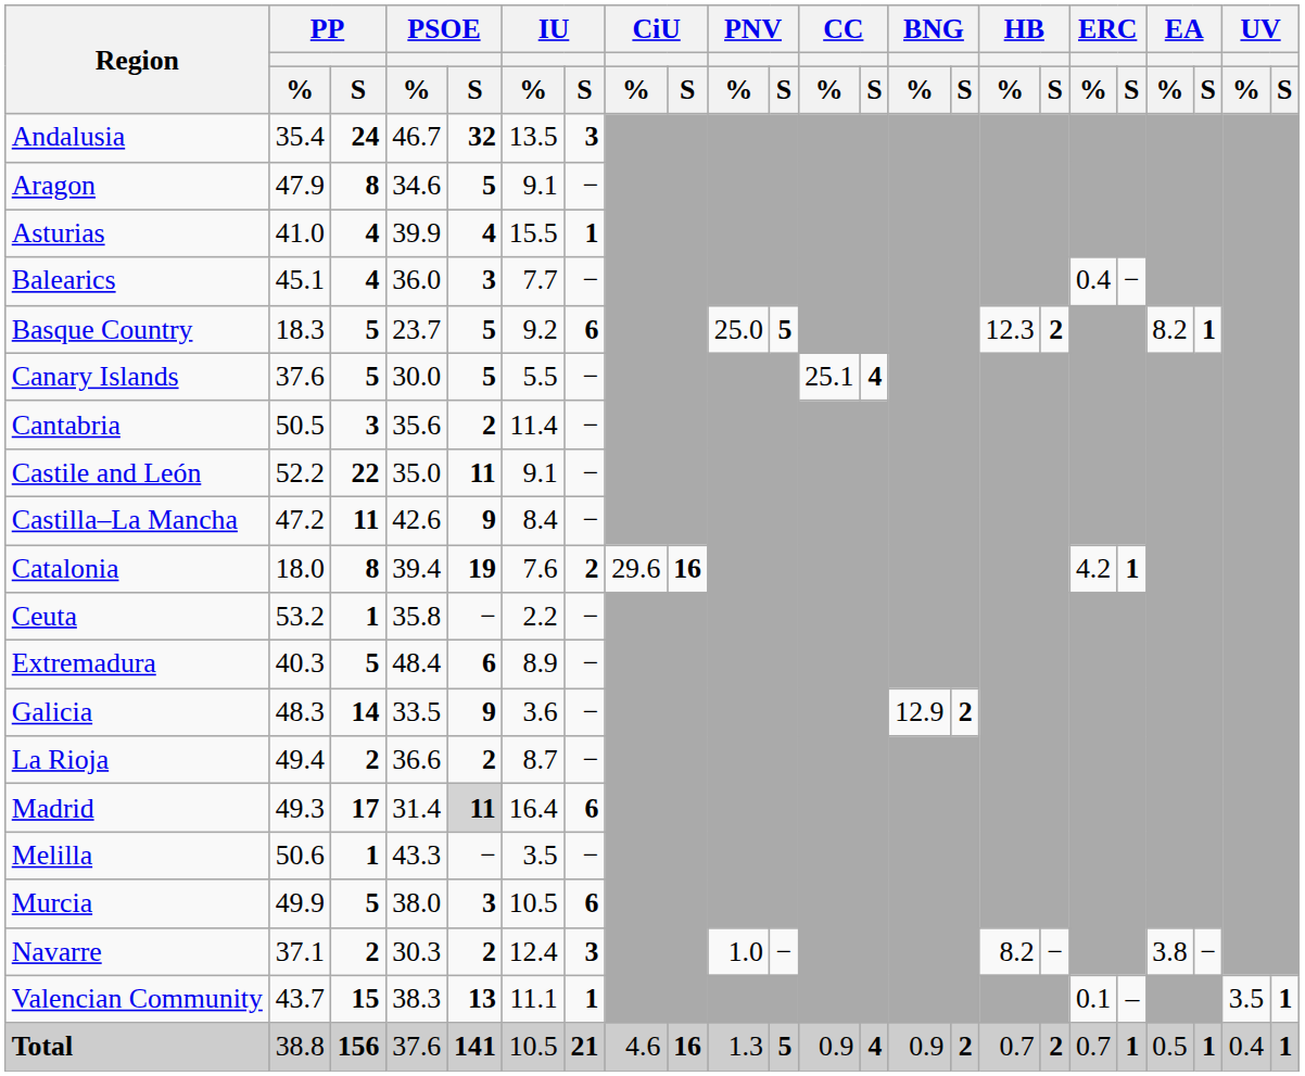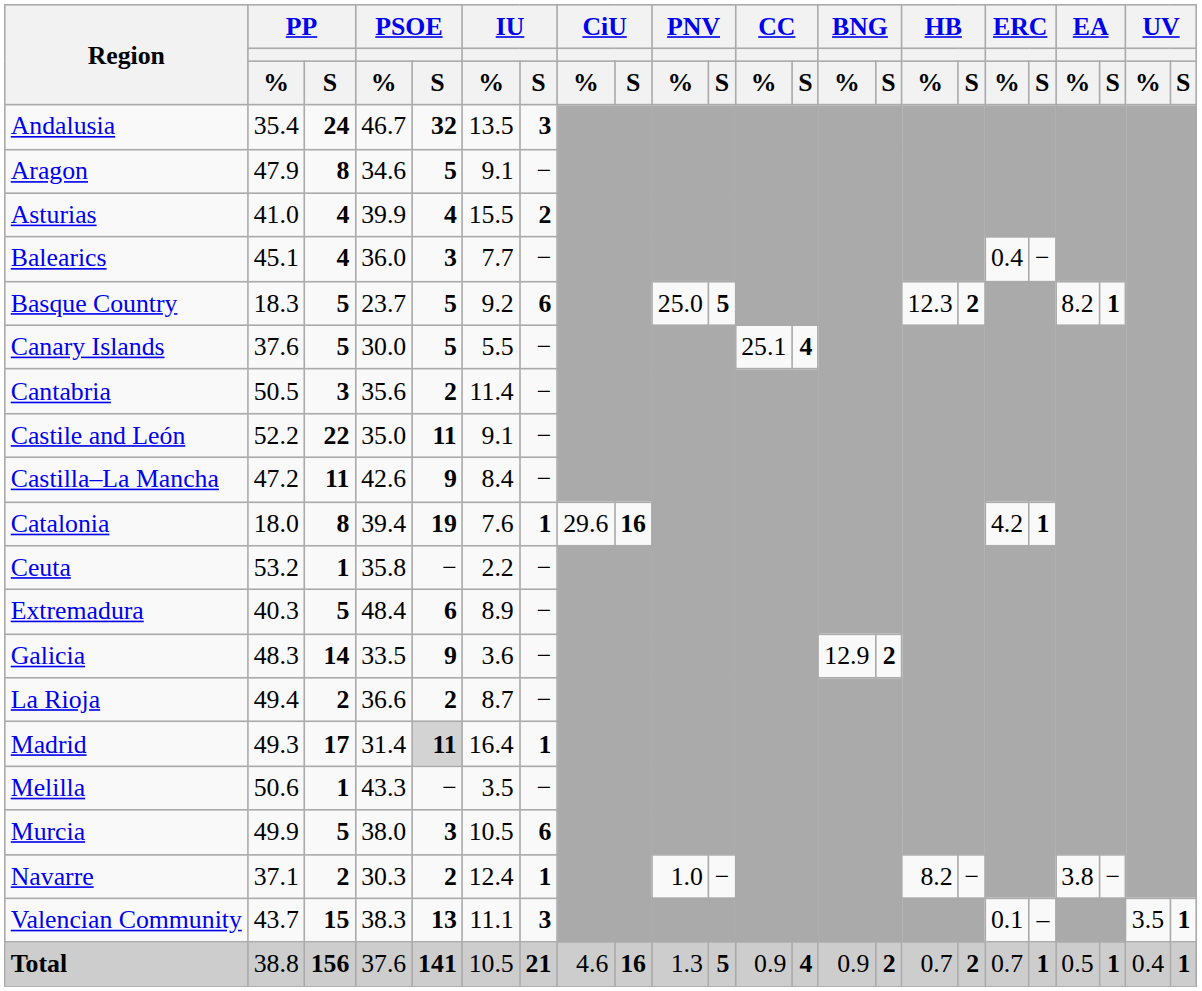 <table class="wikitable sortable" style="text-align:right; line-height:20px;">
 <tr>
 <th rowspan="3">Region</th>
 <th colspan="2" width="30px" class="unsortable"><a href='#'>PP</a></th>
 <th colspan="2" width="30px" class="unsortable"><a href='#'>PSOE</a></th>
 <th colspan="2" width="30px" class="unsortable"><a href='#'>IU</a></th>
 <th colspan="2" width="30px" class="unsortable"><a href='#'>CiU</a></th>
 <th colspan="2" width="30px" class="unsortable"><a href='#'>PNV</a></th>
 <th colspan="2" width="30px" class="unsortable"><a href='#'>CC</a></th>
 <th colspan="2" width="30px" class="unsortable"><a href='#'>BNG</a></th>
 <th colspan="2" width="30px" class="unsortable"><a href='#'>HB</a></th>
 <th colspan="2" width="30px" class="unsortable"><a href='#'>ERC</a></th>
 <th colspan="2" width="30px" class="unsortable"><a href='#'>EA</a></th>
 <th colspan="2" width="30px" class="unsortable"><a href='#'>UV</a></th>
 </tr>
 <tr>
 <th colspan="2" style="background:"></th>
 <th colspan="2" style="background:"></th>
 <th colspan="2" style="background:"></th>
 <th colspan="2" style="background:"></th>
 <th colspan="2" style="background:"></th>
 <th colspan="2" style="background:"></th>
 <th colspan="2" style="background:"></th>
 <th colspan="2" style="background:"></th>
 <th colspan="2" style="background:"></th>
 <th colspan="2" style="background:"></th>
 <th colspan="2" style="background:"></th>
 </tr>
 <tr>
 <th data-sort-type="number">%</th>
 <th data-sort-type="number">S</th>
 <th data-sort-type="number">%</th>
 <th data-sort-type="number">S</th>
 <th data-sort-type="number">%</th>
 <th data-sort-type="number">S</th>
 <th data-sort-type="number">%</th>
 <th data-sort-type="number">S</th>
 <th data-sort-type="number">%</th>
 <th data-sort-type="number">S</th>
 <th data-sort-type="number">%</th>
 <th data-sort-type="number">S</th>
 <th data-sort-type="number">%</th>
 <th data-sort-type="number">S</th>
 <th data-sort-type="number">%</th>
 <th data-sort-type="number">S</th>
 <th data-sort-type="number">%</th>
 <th data-sort-type="number">S</th>
 <th data-sort-type="number">%</th>
 <th data-sort-type="number">S</th>
 <th data-sort-type="number">%</th>
 <th data-sort-type="number">S</th>
 </tr>
 <tr>
 <td align="left"><a href='#'>Andalusia</a></td>
 <td>35.4</td>
 <td><strong>24</strong></td>
 <td style="background:">46.7</td>
 <td><strong>32</strong></td>
 <td>13.5</td>
 <td><strong>3</strong></td>
 <td colspan="2" rowspan="9" bgcolor="#AAAAAA"></td>
 <td colspan="2" rowspan="4" bgcolor="#AAAAAA"></td>
 <td colspan="2" rowspan="5" bgcolor="#AAAAAA"></td>
 <td colspan="2" rowspan="12" bgcolor="#AAAAAA"></td>
 <td colspan="2" rowspan="4" bgcolor="#AAAAAA"></td>
 <td colspan="2" rowspan="3" bgcolor="#AAAAAA"></td>
 <td colspan="2" rowspan="4" bgcolor="#AAAAAA"></td>
 <td colspan="2" rowspan="18" bgcolor="#AAAAAA"></td>
 </tr>
 <tr>
 <td align="left"><a href='#'>Aragon</a></td>
 <td style="background:">47.9</td>
 <td><strong>8</strong></td>
 <td>34.6</td>
 <td><strong>5</strong></td>
 <td>9.1</td>
 <td>−</td>
 </tr>
 <tr>
 <td align="left"><a href='#'>Asturias</a></td>
 <td style="background:">41.0</td>
 <td><strong>4</strong></td>
 <td>39.9</td>
 <td><strong>4</strong></td>
 <td>15.5</td>
-<td><strong>1</strong></td>
+<td><strong>2</strong></td>
 </tr>
 <tr>
 <td align="left"><a href='#'>Balearics</a></td>
 <td style="background:">45.1</td>
 <td><strong>4</strong></td>
 <td>36.0</td>
 <td><strong>3</strong></td>
 <td>7.7</td>
 <td>−</td>
 <td>0.4</td>
 <td>−</td>
 </tr>
 <tr>
 <td align="left"><a href='#'>Basque Country</a></td>
 <td>18.3</td>
 <td><strong>5</strong></td>
 <td>23.7</td>
 <td><strong>5</strong></td>
 <td>9.2</td>
 <td><strong>6</strong></td>
 <td style="background:">25.0</td>
 <td><strong>5</strong></td>
 <td>12.3</td>
 <td><strong>2</strong></td>
 <td colspan="2" rowspan="5" bgcolor="#AAAAAA"></td>
 <td>8.2</td>
 <td><strong>1</strong></td>
 </tr>
 <tr>
 <td align="left"><a href='#'>Canary Islands</a></td>
 <td style="background:">37.6</td>
 <td><strong>5</strong></td>
 <td>30.0</td>
 <td><strong>5</strong></td>
 <td>5.5</td>
 <td>−</td>
 <td colspan="2" rowspan="12" bgcolor="#AAAAAA"></td>
 <td>25.1</td>
 <td><strong>4</strong></td>
 <td colspan="2" rowspan="12" bgcolor="#AAAAAA"></td>
 <td colspan="2" rowspan="12" bgcolor="#AAAAAA"></td>
 </tr>
 <tr>
 <td align="left"><a href='#'>Cantabria</a></td>
 <td style="background:">50.5</td>
 <td><strong>3</strong></td>
 <td>35.6</td>
 <td><strong>2</strong></td>
 <td>11.4</td>
 <td>−</td>
 <td colspan="2" rowspan="13" bgcolor="#AAAAAA"></td>
 </tr>
 <tr>
 <td align="left"><a href='#'>Castile and León</a></td>
 <td style="background:">52.2</td>
 <td><strong>22</strong></td>
 <td>35.0</td>
 <td><strong>11</strong></td>
 <td>9.1</td>
 <td>−</td>
 </tr>
 <tr>
 <td align="left"><a href='#'>Castilla–La Mancha</a></td>
 <td style="background:">47.2</td>
 <td><strong>11</strong></td>
 <td>42.6</td>
 <td><strong>9</strong></td>
 <td>8.4</td>
 <td>−</td>
 </tr>
 <tr>
 <td align="left"><a href='#'>Catalonia</a></td>
 <td>18.0</td>
 <td><strong>8</strong></td>
 <td style="background:">39.4</td>
 <td><strong>19</strong></td>
 <td>7.6</td>
-<td><strong>2</strong></td>
+<td><strong>1</strong></td>
 <td>29.6</td>
 <td><strong>16</strong></td>
 <td>4.2</td>
 <td><strong>1</strong></td>
 </tr>
 <tr>
 <td align="left"><a href='#'>Ceuta</a></td>
 <td style="background:">53.2</td>
 <td><strong>1</strong></td>
 <td>35.8</td>
 <td>−</td>
 <td>2.2</td>
 <td>−</td>
 <td colspan="2" rowspan="9" bgcolor="#AAAAAA"></td>
 <td colspan="2" rowspan="8" bgcolor="#AAAAAA"></td>
 </tr>
 <tr>
 <td align="left"><a href='#'>Extremadura</a></td>
 <td>40.3</td>
 <td><strong>5</strong></td>
 <td style="background:">48.4</td>
 <td><strong>6</strong></td>
 <td>8.9</td>
 <td>−</td>
 </tr>
 <tr>
 <td align="left"><a href='#'>Galicia</a></td>
 <td style="background:">48.3</td>
 <td><strong>14</strong></td>
 <td>33.5</td>
 <td><strong>9</strong></td>
 <td>3.6</td>
 <td>−</td>
 <td>12.9</td>
 <td><strong>2</strong></td>
 </tr>
 <tr>
 <td align="left"><a href='#'>La Rioja</a></td>
 <td style="background:">49.4</td>
 <td><strong>2</strong></td>
 <td>36.6</td>
 <td><strong>2</strong></td>
 <td>8.7</td>
 <td>−</td>
 <td colspan="2" rowspan="6" bgcolor="#AAAAAA"></td>
 </tr>
 <tr>
 <td align="left"><a href='#'>Madrid</a></td>
 <td style="background:">49.3</td>
 <td><strong>17</strong></td>
 <td>31.4</td>
 <td style="background: lightgrey;"><strong>11</strong></td>
 <td>16.4</td>
-<td><strong>6</strong></td>
+<td><strong>1</strong></td>
 </tr>
 <tr>
 <td align="left"><a href='#'>Melilla</a></td>
 <td style="background:">50.6</td>
 <td><strong>1</strong></td>
 <td>43.3</td>
 <td>−</td>
 <td>3.5</td>
 <td>−</td>
 </tr>
 <tr>
 <td align="left"><a href='#'>Murcia</a></td>
 <td style="background:">49.9</td>
 <td><strong>5</strong></td>
 <td>38.0</td>
 <td><strong>3</strong></td>
 <td>10.5</td>
 <td><strong>6</strong></td>
 </tr>
 <tr>
 <td align="left"><a href='#'>Navarre</a></td>
 <td style="background:">37.1</td>
 <td><strong>2</strong></td>
 <td>30.3</td>
 <td><strong>2</strong></td>
 <td>12.4</td>
-<td><strong>3</strong></td>
+<td><strong>1</strong></td>
 <td>1.0</td>
 <td>−</td>
 <td>8.2</td>
 <td>−</td>
 <td>3.8</td>
 <td>−</td>
 </tr>
 <tr>
 <td align="left"><a href='#'>Valencian Community</a></td>
 <td style="background:">43.7</td>
 <td><strong>15</strong></td>
 <td>38.3</td>
 <td><strong>13</strong></td>
 <td>11.1</td>
-<td><strong>1</strong></td>
+<td><strong>3</strong></td>
 <td colspan="2" bgcolor="#AAAAAA"></td>
 <td colspan="2" bgcolor="#AAAAAA"></td>
 <td>0.1</td>
 <td>–</td>
 <td colspan="2" bgcolor="#AAAAAA"></td>
 <td>3.5</td>
 <td><strong>1</strong></td>
 </tr>
 <tr style="background:#CDCDCD;">
 <td align="left"><strong>Total</strong></td>
 <td style="background:">38.8</td>
 <td><strong>156</strong></td>
 <td>37.6</td>
 <td><strong>141</strong></td>
 <td>10.5</td>
 <td><strong>21</strong></td>
 <td>4.6</td>
 <td><strong>16</strong></td>
 <td>1.3</td>
 <td><strong>5</strong></td>
 <td>0.9</td>
 <td><strong>4</strong></td>
 <td>0.9</td>
 <td><strong>2</strong></td>
 <td>0.7</td>
 <td><strong>2</strong></td>
 <td>0.7</td>
 <td><strong>1</strong></td>
 <td>0.5</td>
 <td><strong>1</strong></td>
 <td>0.4</td>
 <td><strong>1</strong></td>
 </tr>
 </table>
